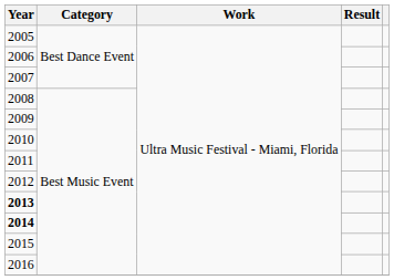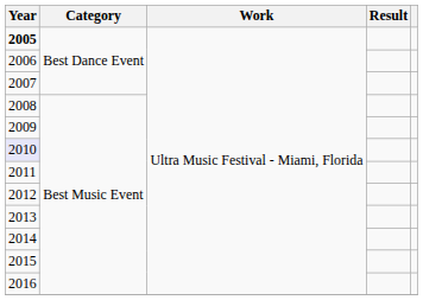 <table class="wikitable">
 <tr>
 <th>Year</th>
 <th>Category</th>
 <th>Work</th>
 <th>Result</th>
 <th></th>
 </tr>
 <tr>
-<td>2005</td>
+<td><strong>2005</strong></td>
 <td rowspan="3">Best Dance Event</td>
 <td rowspan="12">Ultra Music Festival - Miami, Florida</td>
 <td></td>
 <td></td>
 </tr>
 <tr>
 <td>2006</td>
 <td></td>
 <td></td>
 </tr>
 <tr>
 <td>2007</td>
 <td></td>
 <td></td>
 </tr>
 <tr>
 <td>2008</td>
 <td rowspan="9">Best Music Event</td>
 <td></td>
 <td></td>
 </tr>
 <tr>
 <td>2009</td>
 <td></td>
 <td></td>
 </tr>
 <tr>
-<td>2010</td>
+<td style="background: lavender;">2010</td>
 <td></td>
 <td></td>
 </tr>
 <tr>
 <td>2011</td>
 <td></td>
 <td></td>
 </tr>
 <tr>
 <td>2012</td>
 <td></td>
 <td></td>
 </tr>
 <tr>
-<td><strong>2013</strong></td>
+<td>2013</td>
 <td></td>
 <td></td>
 </tr>
 <tr>
-<td><strong>2014</strong></td>
+<td>2014</td>
 <td></td>
 <td></td>
 </tr>
 <tr>
 <td>2015</td>
 <td></td>
 <td></td>
 </tr>
 <tr>
 <td>2016</td>
 <td></td>
 <td></td>
 </tr>
 <tr>
 </tr>
 </table>
